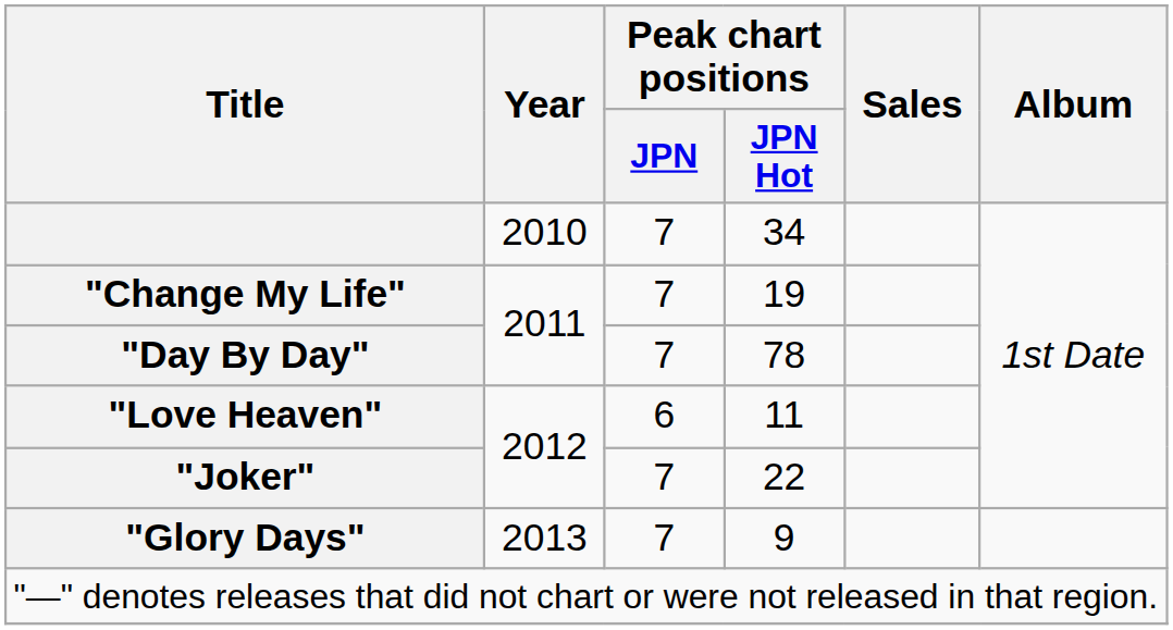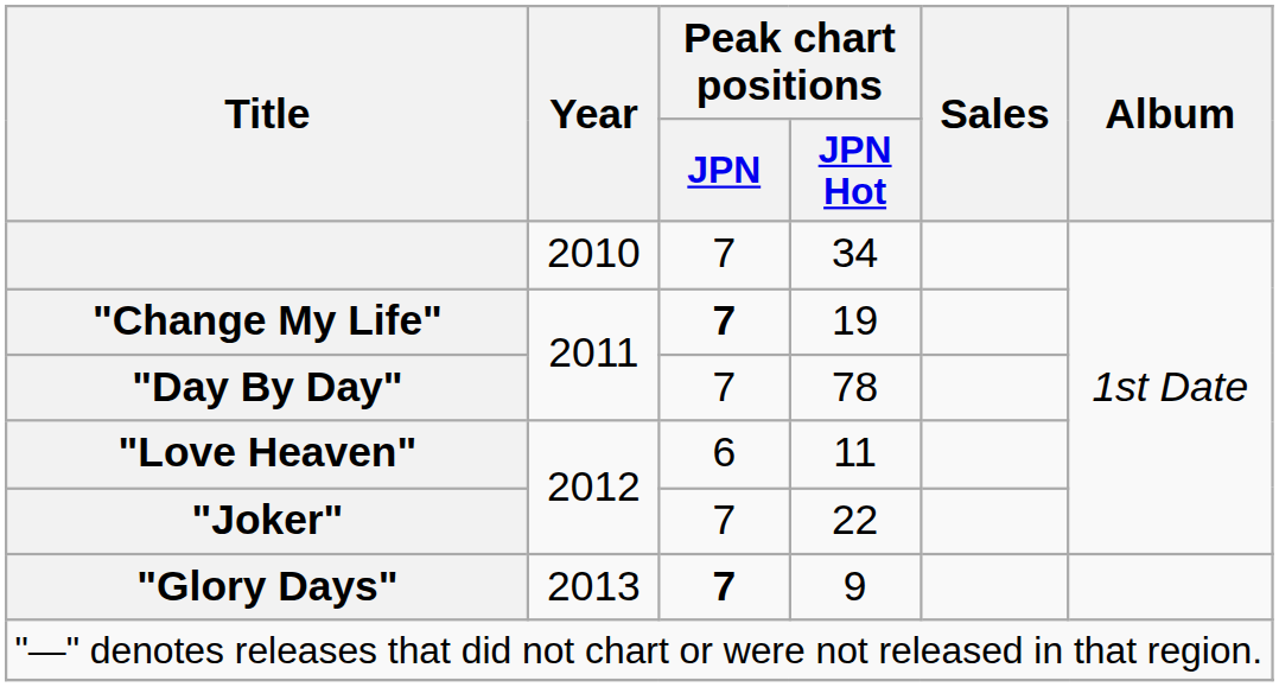 <table class="wikitable plainrowheaders" style="text-align:center;">
 <tr>
 <th scope="col" rowspan="2" style="width:12em;">Title</th>
 <th scope="col" rowspan="2">Year</th>
 <th scope="col" colspan="2">Peak chart positions</th>
 <th scope="col" rowspan="2">Sales</th>
 <th scope="col" rowspan="2">Album</th>
 </tr>
 <tr>
 <th scope="col" style="width:3em;font-size:90%;"><a href='#'>JPN</a><br></th>
 <th scope="col" style="width:3em;font-size:90%;"><a href='#'>JPN<br>Hot</a><br></th>
 </tr>
 <tr>
 <th scope="row"></th>
 <td>2010</td>
 <td>7</td>
 <td>34</td>
 <td></td>
 <td rowspan="5"><em>1st Date</em></td>
 </tr>
 <tr>
 <th scope="row">"Change My Life"</th>
 <td rowspan="2">2011</td>
-<td>7</td>
+<td><strong>7</strong></td>
 <td>19</td>
 <td></td>
 </tr>
 <tr>
 <th scope="row">"Day By Day"</th>
 <td>7</td>
 <td>78</td>
 <td></td>
 </tr>
 <tr>
 <th scope="row">"Love Heaven"</th>
 <td rowspan="2">2012</td>
 <td>6</td>
 <td>11</td>
 <td></td>
 </tr>
 <tr>
 <th scope="row">"Joker"</th>
 <td>7</td>
 <td>22</td>
 <td></td>
 </tr>
 <tr>
 <th scope="row">"Glory Days"</th>
 <td>2013</td>
-<td>7</td>
+<td><strong>7</strong></td>
 <td>9</td>
 <td></td>
 <td></td>
 </tr>
 <tr>
 <td colspan="6" style="font-size:90%;">"—" denotes releases that did not chart or were not released in that region.</td>
 </tr>
 <tr>
 </tr>
 </table>
